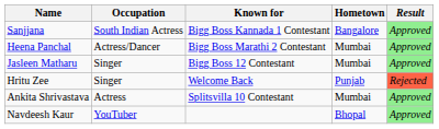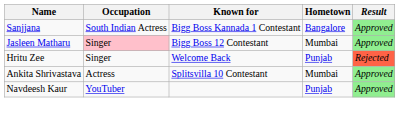 <table class="wikitable">
 <tr>
 <th>Name</th>
 <th>Occupation</th>
 <th>Known for</th>
 <th>Hometown</th>
 <th><em>Result</em></th>
 </tr>
 <tr>
 <td><a href='#'>Sanjjana</a></td>
 <td><a href='#'>South Indian</a> Actress</td>
 <td><a href='#'>Bigg Boss Kannada 1</a> Contestant</td>
 <td><a href='#'>Bangalore</a></td>
 <td bgcolor="lightgreen"><em>Approved</em></td>
 </tr>
 <tr>
-<td><a href='#'>Heena Panchal</a></td>
-<td>Actress/Dancer</td>
-<td><a href='#'>Bigg Boss Marathi 2</a> Contestant</td>
-<td>Mumbai</td>
-<td bgcolor="lightgreen"><em>Approved</em></td>
-</tr>
-<tr>
 <td><a href='#'>Jasleen Matharu</a></td>
-<td>Singer</td>
+<td style="background: pink;">Singer</td>
 <td><a href='#'>Bigg Boss 12</a> Contestant</td>
 <td>Mumbai</td>
 <td bgcolor="lightgreen"><em>Approved</em></td>
 </tr>
 <tr>
 <td>Hritu Zee</td>
 <td>Singer</td>
 <td><a href='#'>Welcome Back</a></td>
 <td><a href='#'>Punjab</a></td>
 <td bgcolor="tomato"><em>Rejected</em></td>
 </tr>
 <tr>
 <td>Ankita Shrivastava</td>
 <td>Actress</td>
 <td><a href='#'>Splitsvilla 10</a> Contestant</td>
 <td>Mumbai</td>
 <td bgcolor="lightgreen"><em>Approved</em></td>
 </tr>
 <tr>
 <td>Navdeesh Kaur</td>
 <td><a href='#'>YouTuber</a></td>
 <td></td>
-<td><a href='#'>Bhopal</a></td>
+<td><a href='#'>Punjab</a></td>
 <td bgcolor="lightgreen"><em>Approved</em></td>
 </tr>
 </table>
